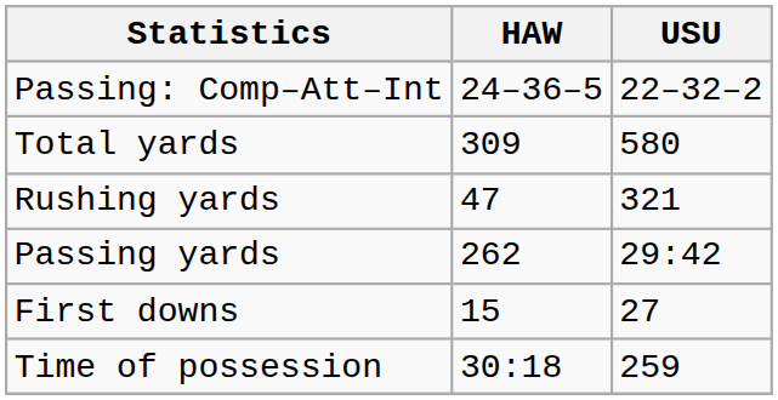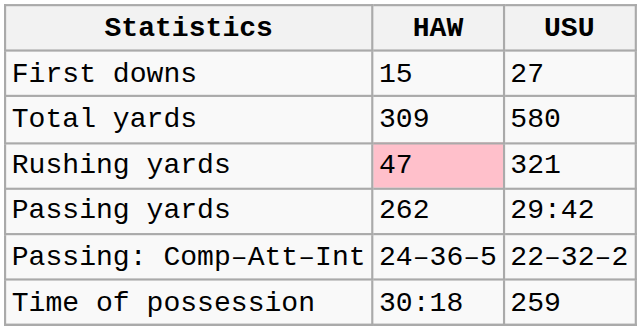 <table class="wikitable" style="float: left;">
 <tr>
 <th>Statistics</th>
 <th>HAW</th>
 <th>USU</th>
 </tr>
 <tr>
-<td>Passing: Comp–Att–Int</td>
-<td>24–36–5</td>
-<td>22–32–2</td>
+<td>First downs</td>
+<td>15</td>
+<td>27</td>
 </tr>
 <tr>
 <td>Total yards</td>
 <td>309</td>
 <td>580</td>
 </tr>
 <tr>
 <td>Rushing yards</td>
-<td>47</td>
+<td style="background: pink;">47</td>
 <td>321</td>
 </tr>
 <tr>
 <td>Passing yards</td>
 <td>262</td>
 <td>29:42</td>
 </tr>
 <tr>
-<td>First downs</td>
-<td>15</td>
-<td>27</td>
+<td>Passing: Comp–Att–Int</td>
+<td>24–36–5</td>
+<td>22–32–2</td>
 </tr>
 <tr>
 <td>Time of possession</td>
 <td>30:18</td>
 <td>259</td>
 </tr>
 <tr>
 </tr>
 </table>
